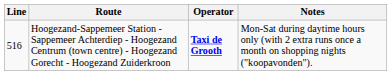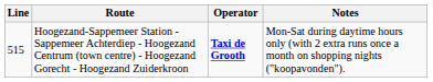 <table class="wikitable">
 <tr>
 <th>Line</th>
 <th>Route</th>
 <th>Operator</th>
 <th>Notes</th>
 </tr>
 <tr>
-<td>516</td>
+<td>515</td>
 <td>Hoogezand-Sappemeer Station - Sappemeer Achterdiep - Hoogezand Centrum (town centre) - Hoogezand Gorecht - Hoogezand Zuiderkroon</td>
 <td><strong><a href='#'>Taxi de Grooth</a></strong></td>
 <td>Mon-Sat during daytime hours only (with 2 extra runs once a month on shopping nights ("koopavonden").</td>
 </tr>
 </table>
